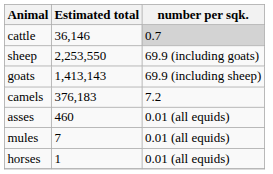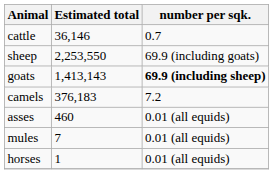 <table align="center" class="wikitable">
 <tr>
 <th>Animal</th>
 <th>Estimated total</th>
 <th>number per sqk.</th>
 </tr>
 <tr>
 <td>cattle</td>
 <td>36,146</td>
-<td style="background: lightgrey;">0.7</td>
+<td>0.7</td>
 </tr>
 <tr>
 <td>sheep</td>
 <td>2,253,550</td>
 <td>69.9 (including goats)</td>
 </tr>
 <tr>
 <td>goats</td>
 <td>1,413,143</td>
-<td>69.9 (including sheep)</td>
+<td><strong>69.9 (including sheep)</strong></td>
 </tr>
 <tr>
 <td>camels</td>
 <td>376,183</td>
 <td>7.2</td>
 </tr>
 <tr>
 <td>asses</td>
 <td>460</td>
 <td>0.01 (all equids)</td>
 </tr>
 <tr>
 <td>mules</td>
 <td>7</td>
 <td>0.01 (all equids)</td>
 </tr>
 <tr>
 <td>horses</td>
 <td>1</td>
 <td>0.01 (all equids)</td>
 </tr>
 <tr>
 </tr>
 </table>
